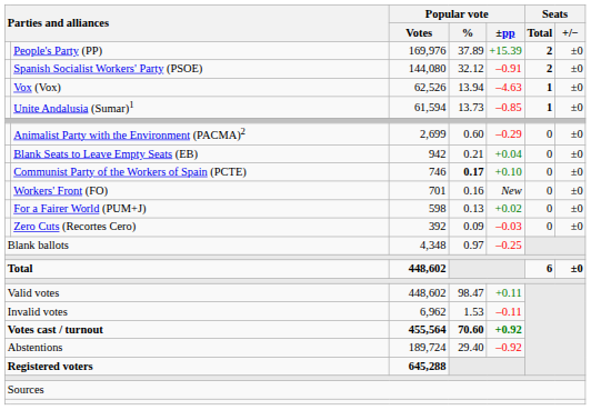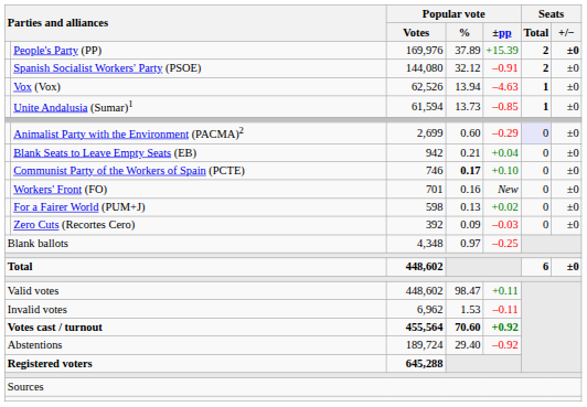 <table class="wikitable" style="text-align:right;">
 <tr>
 <th style="text-align:left;" rowspan="2" colspan="2" width="525">Parties and alliances</th>
 <th colspan="3">Popular vote</th>
 <th colspan="2">Seats</th>
 </tr>
 <tr>
 <th width="75">Votes</th>
 <th width="45">%</th>
 <th width="45">±<a href='#'>pp</a></th>
 <th width="35">Total</th>
 <th width="35">+/−</th>
 </tr>
 <tr>
 <td width="1" style="color:inherit;background:"></td>
 <td align="left"><a href='#'>People's Party</a> (PP)</td>
 <td>169,976</td>
 <td>37.89</td>
 <td style="color:green;">+15.39</td>
 <td><strong>2</strong></td>
-<td>±0</td>
+<td><strong>±0</strong></td>
 </tr>
 <tr>
 <td style="color:inherit;background:"></td>
 <td align="left"><a href='#'>Spanish Socialist Workers' Party</a> (PSOE)</td>
 <td>144,080</td>
 <td>32.12</td>
 <td style="color:red;">–0.91</td>
 <td><strong>2</strong></td>
 <td>±0</td>
 </tr>
 <tr>
 <td style="color:inherit;background:"></td>
 <td align="left"><a href='#'>Vox</a> (Vox)</td>
 <td>62,526</td>
 <td>13.94</td>
 <td style="color:red;">–4.63</td>
 <td><strong>1</strong></td>
 <td>±0</td>
 </tr>
 <tr>
 <td style="color:inherit;background:"></td>
 <td align="left"><a href='#'>Unite Andalusia</a> (Sumar)<sup>1</sup></td>
 <td>61,594</td>
 <td>13.73</td>
 <td style="color:red;">–0.85</td>
 <td><strong>1</strong></td>
 <td>±0</td>
 </tr>
 <tr>
 <td colspan="7" bgcolor="#C0C0C0"></td>
 </tr>
 <tr>
 <td style="color:inherit;background:"></td>
 <td align="left"><a href='#'>Animalist Party with the Environment</a> (PACMA)<sup>2</sup></td>
 <td>2,699</td>
 <td>0.60</td>
 <td style="color:red;">–0.29</td>
-<td>0</td>
+<td style="background: lavender;">0</td>
 <td>±0</td>
 </tr>
 <tr>
 <td style="color:inherit;background:"></td>
 <td align="left"><a href='#'>Blank Seats to Leave Empty Seats</a> (EB)</td>
 <td>942</td>
 <td>0.21</td>
 <td style="color:green;">+0.04</td>
 <td>0</td>
 <td>±0</td>
 </tr>
 <tr>
 <td style="color:inherit;background:"></td>
 <td align="left"><a href='#'>Communist Party of the Workers of Spain</a> (PCTE)</td>
 <td>746</td>
 <td><strong>0.17</strong></td>
 <td style="color:green;">+0.10</td>
 <td>0</td>
 <td>±0</td>
 </tr>
 <tr>
 <td style="color:inherit;background:"></td>
 <td align="left"><a href='#'>Workers' Front</a> (FO)</td>
 <td>701</td>
 <td>0.16</td>
 <td><em>New</em></td>
 <td>0</td>
 <td>±0</td>
 </tr>
 <tr>
 <td style="color:inherit;background:"></td>
 <td align="left"><a href='#'>For a Fairer World</a> (PUM+J)</td>
 <td>598</td>
 <td>0.13</td>
 <td style="color:green;">+0.02</td>
 <td>0</td>
 <td>±0</td>
 </tr>
 <tr>
 <td style="color:inherit;background:"></td>
 <td align="left"><a href='#'>Zero Cuts</a> (Recortes Cero)</td>
 <td>392</td>
 <td>0.09</td>
 <td style="color:red;">–0.03</td>
 <td>0</td>
 <td>±0</td>
 </tr>
 <tr>
 <td align="left" colspan="2">Blank ballots</td>
 <td>4,348</td>
 <td>0.97</td>
 <td style="color:red;">–0.25</td>
 <td bgcolor="#E9E9E9" colspan="2"></td>
 </tr>
 <tr>
 <td colspan="7" bgcolor="#E9E9E9"></td>
 </tr>
 <tr style="font-weight:bold;">
 <td align="left" colspan="2">Total</td>
 <td>448,602</td>
 <td bgcolor="#E9E9E9" colspan="2"></td>
 <td>6</td>
 <td>±0</td>
 </tr>
 <tr>
 <td colspan="7" bgcolor="#E9E9E9"></td>
 </tr>
 <tr>
 <td align="left" colspan="2">Valid votes</td>
 <td>448,602</td>
 <td>98.47</td>
 <td style="color:green;">+0.11</td>
 <td bgcolor="#E9E9E9" colspan="2" rowspan="5"></td>
 </tr>
 <tr>
 <td align="left" colspan="2">Invalid votes</td>
 <td>6,962</td>
 <td>1.53</td>
 <td style="color:red;">–0.11</td>
 </tr>
 <tr style="font-weight:bold;">
 <td align="left" colspan="2">Votes cast / turnout</td>
 <td>455,564</td>
 <td>70.60</td>
 <td style="color:green;">+0.92</td>
 </tr>
 <tr>
 <td align="left" colspan="2">Abstentions</td>
 <td>189,724</td>
 <td>29.40</td>
 <td style="color:red;">–0.92</td>
 </tr>
 <tr style="font-weight:bold;">
 <td align="left" colspan="2">Registered voters</td>
 <td>645,288</td>
 <td bgcolor="#E9E9E9" colspan="2"></td>
 </tr>
 <tr>
 <td colspan="7" bgcolor="#E9E9E9"></td>
 </tr>
 <tr>
 <td align="left" colspan="7">Sources</td>
 </tr>
 <tr>
 <td colspan="7" style="text-align:left; max-width:790px;"></td>
 </tr>
 </table>
